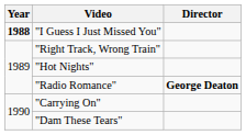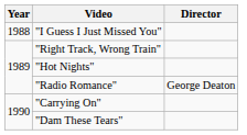 <table class="wikitable">
 <tr>
 <th>Year</th>
 <th>Video</th>
 <th>Director</th>
 </tr>
 <tr>
-<td><strong>1988</strong></td>
+<td>1988</td>
 <td>"I Guess I Just Missed You"</td>
 <td></td>
 </tr>
 <tr>
 <td rowspan="3">1989</td>
 <td>"Right Track, Wrong Train"</td>
 <td></td>
 </tr>
 <tr>
 <td>"Hot Nights"</td>
 <td></td>
 </tr>
 <tr>
 <td>"Radio Romance"</td>
-<td><strong>George Deaton</strong></td>
+<td>George Deaton</td>
 </tr>
 <tr>
 <td rowspan="2">1990</td>
 <td>"Carrying On"</td>
 <td></td>
 </tr>
 <tr>
 <td>"Dam These Tears"</td>
 <td></td>
 </tr>
 </table>
